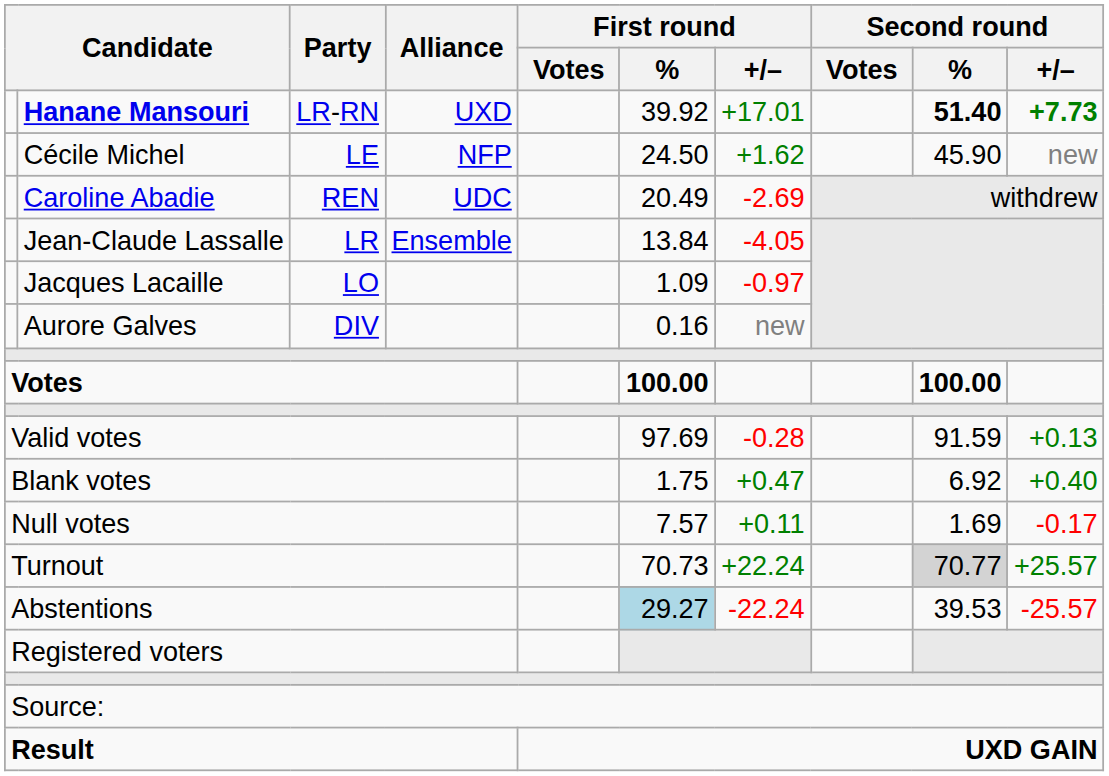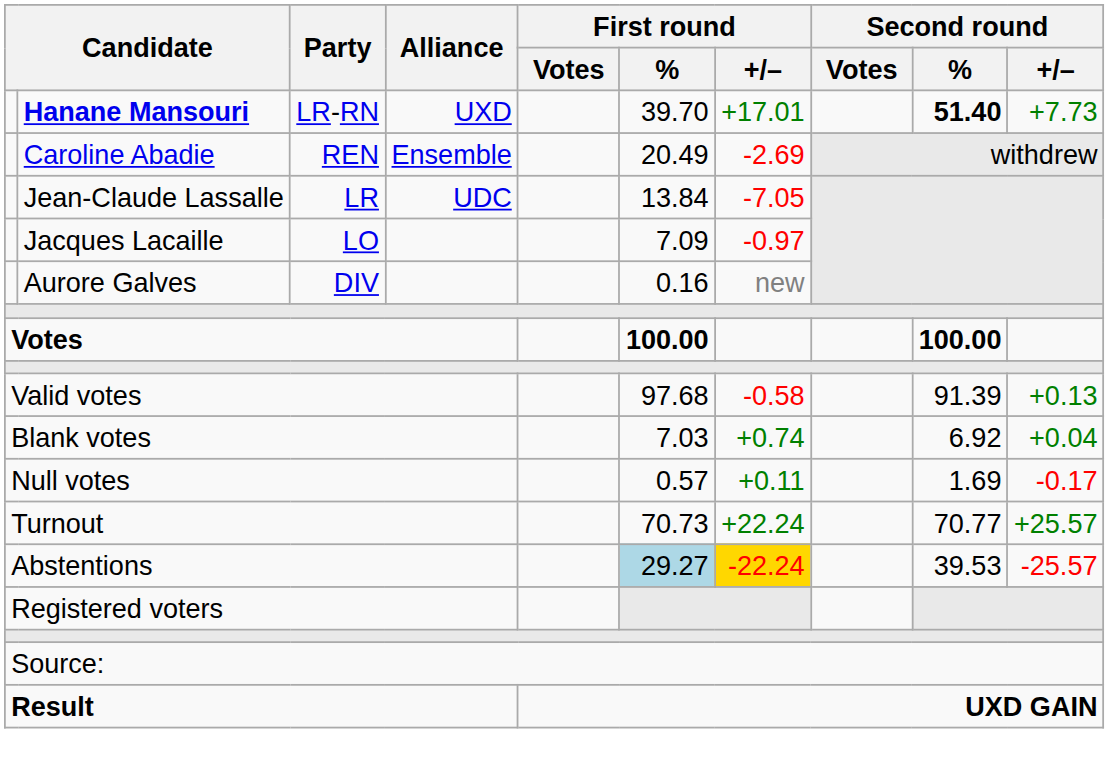 <table class="wikitable" style="text-align:right;font-size:95%;">
 <tr>
 <th rowspan="2" colspan="2">Candidate</th>
 <th colspan="1" rowspan="2">Party</th>
 <th colspan="1" rowspan="2">Alliance</th>
 <th colspan="3">First round</th>
 <th colspan="3">Second round</th>
 </tr>
 <tr>
 <th style="width:50px;">Votes</th>
 <th style="width:45px;">%</th>
 <th style="width:45px;">+/–</th>
 <th style="width:50px;">Votes</th>
 <th style="width:45px;">%</th>
 <th style="width:45px;">+/–</th>
 </tr>
 <tr>
 <td style="color:inherit;background:"></td>
 <td style="text-align:left;"><strong><a href='#'>Hanane Mansouri</a></strong></td>
 <td><a href='#'>LR</a>-<a href='#'>RN</a></td>
 <td><a href='#'>UXD</a></td>
 <td></td>
-<td>39.92</td>
+<td>39.70</td>
 <td style="color:green;">+17.01</td>
 <td><strong></strong></td>
 <td><strong>51.40</strong></td>
-<td style="color:green;"><strong>+7.73</strong></td>
-</tr>
-<tr>
-<td style="color:inherit;background:"></td>
-<td style="text-align:left;">Cécile Michel</td>
-<td><a href='#'>LE</a></td>
-<td><a href='#'>NFP</a></td>
-<td></td>
-<td>24.50</td>
-<td style="color:green;">+1.62</td>
-<td></td>
-<td>45.90</td>
-<td style="color:grey;">new</td>
+<td style="color:green;">+7.73</td>
 </tr>
 <tr>
 <td style="color:inherit;background:"></td>
 <td style="text-align:left;"><a href='#'>Caroline Abadie</a></td>
 <td><a href='#'>REN</a></td>
-<td><a href='#'>UDC</a></td>
+<td><a href='#'>Ensemble</a></td>
 <td></td>
 <td>20.49</td>
 <td style="color:red;">-2.69</td>
 <td colspan="3" style="background:#E9E9E9;">withdrew</td>
 </tr>
 <tr>
 <td style="color:inherit;background:"></td>
 <td style="text-align:left;">Jean-Claude Lassalle</td>
 <td><a href='#'>LR</a></td>
-<td><a href='#'>Ensemble</a></td>
+<td><a href='#'>UDC</a></td>
 <td></td>
 <td>13.84</td>
-<td style="color:red;">-4.05</td>
+<td style="color:red;">-7.05</td>
 <td colspan="3" rowspan="3" style="background:#E9E9E9;"></td>
 </tr>
 <tr>
 <td style="color:inherit;background:"></td>
 <td style="text-align:left;">Jacques Lacaille</td>
 <td><a href='#'>LO</a></td>
 <td></td>
 <td></td>
-<td>1.09</td>
+<td>7.09</td>
 <td style="color:red;">-0.97</td>
 </tr>
 <tr>
 <td style="color:inherit;background:"></td>
 <td style="text-align:left;">Aurore Galves</td>
 <td><a href='#'>DIV</a></td>
 <td></td>
 <td></td>
 <td>0.16</td>
 <td style="color:grey;">new</td>
 </tr>
 <tr>
 <td colspan="10" style="background:#E9E9E9;"></td>
 </tr>
 <tr style="font-weight:bold;">
 <td colspan="4" style="text-align:left;">Votes</td>
 <td></td>
 <td>100.00</td>
 <td></td>
 <td></td>
 <td>100.00</td>
 <td></td>
 </tr>
 <tr>
 <td colspan="10" style="background:#E9E9E9;"></td>
 </tr>
 <tr>
 <td colspan="4" style="text-align:left;">Valid votes</td>
 <td></td>
-<td>97.69</td>
-<td style="color:red;">-0.28</td>
+<td>97.68</td>
+<td style="color:red;">-0.58</td>
 <td></td>
-<td>91.59</td>
+<td>91.39</td>
 <td style="color:green;">+0.13</td>
 </tr>
 <tr>
 <td colspan="4" style="text-align:left;">Blank votes</td>
 <td></td>
-<td>1.75</td>
-<td style="color:green;">+0.47</td>
+<td>7.03</td>
+<td style="color:green;">+0.74</td>
 <td></td>
 <td>6.92</td>
-<td style="color:green;">+0.40</td>
+<td style="color:green;">+0.04</td>
 </tr>
 <tr>
 <td colspan="4" style="text-align:left;">Null votes</td>
 <td></td>
-<td>7.57</td>
+<td>0.57</td>
 <td style="color:green;">+0.11</td>
 <td></td>
 <td>1.69</td>
 <td style="color:red;">-0.17</td>
 </tr>
 <tr>
 <td colspan="4" style="text-align:left;">Turnout</td>
 <td></td>
 <td>70.73</td>
 <td style="color:green;">+22.24</td>
 <td></td>
-<td style="background: lightgrey;">70.77</td>
+<td>70.77</td>
 <td style="color:green;">+25.57</td>
 </tr>
 <tr>
 <td colspan="4" style="text-align:left;">Abstentions</td>
 <td></td>
 <td style="background: lightblue;">29.27</td>
-<td style="color:red;">-22.24</td>
+<td style="background: gold; color:red;">-22.24</td>
 <td></td>
 <td>39.53</td>
 <td style="color:red;">-25.57</td>
 </tr>
 <tr>
 <td colspan="4" style="text-align:left;">Registered voters</td>
 <td></td>
 <td colspan="2" style="background:#E9E9E9;"></td>
 <td></td>
 <td colspan="2" style="background:#E9E9E9;"></td>
 </tr>
 <tr>
 <td colspan="10" style="background:#E9E9E9;"></td>
 </tr>
 <tr>
 <td colspan="10" style="text-align:left;">Source: </td>
 </tr>
 <tr style="font-weight:bold">
 <td colspan="4" style="text-align:left;">Result</td>
 <td colspan="6" style="background-color:">UXD GAIN</td>
 </tr>
 </table>
